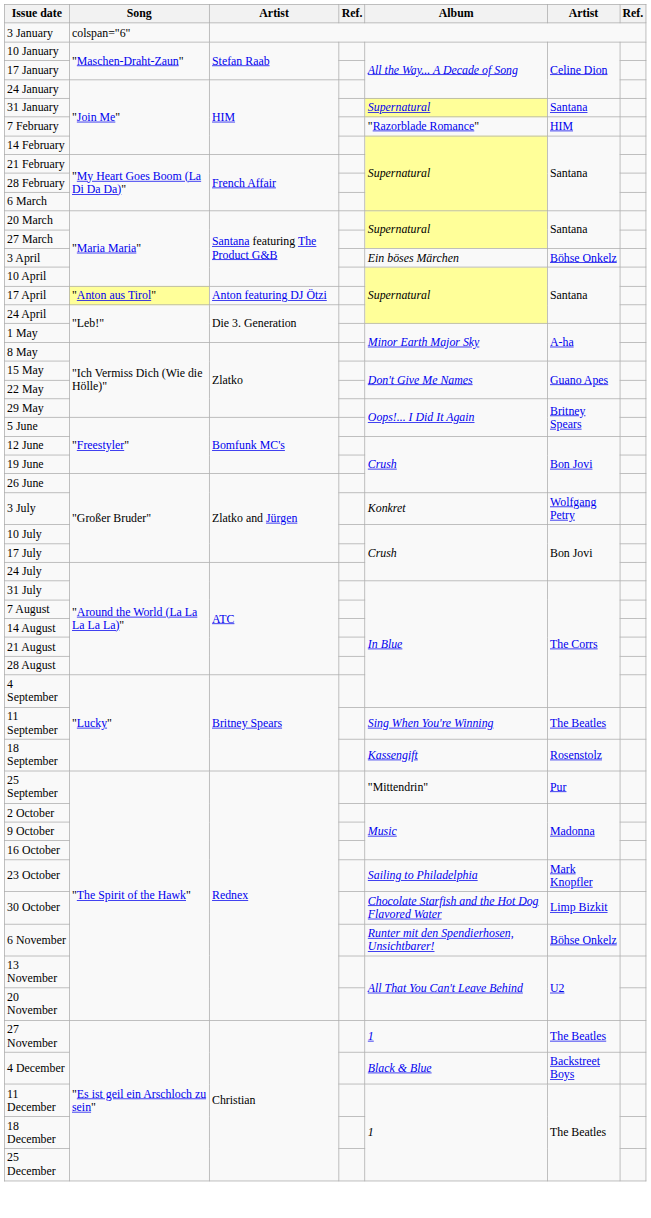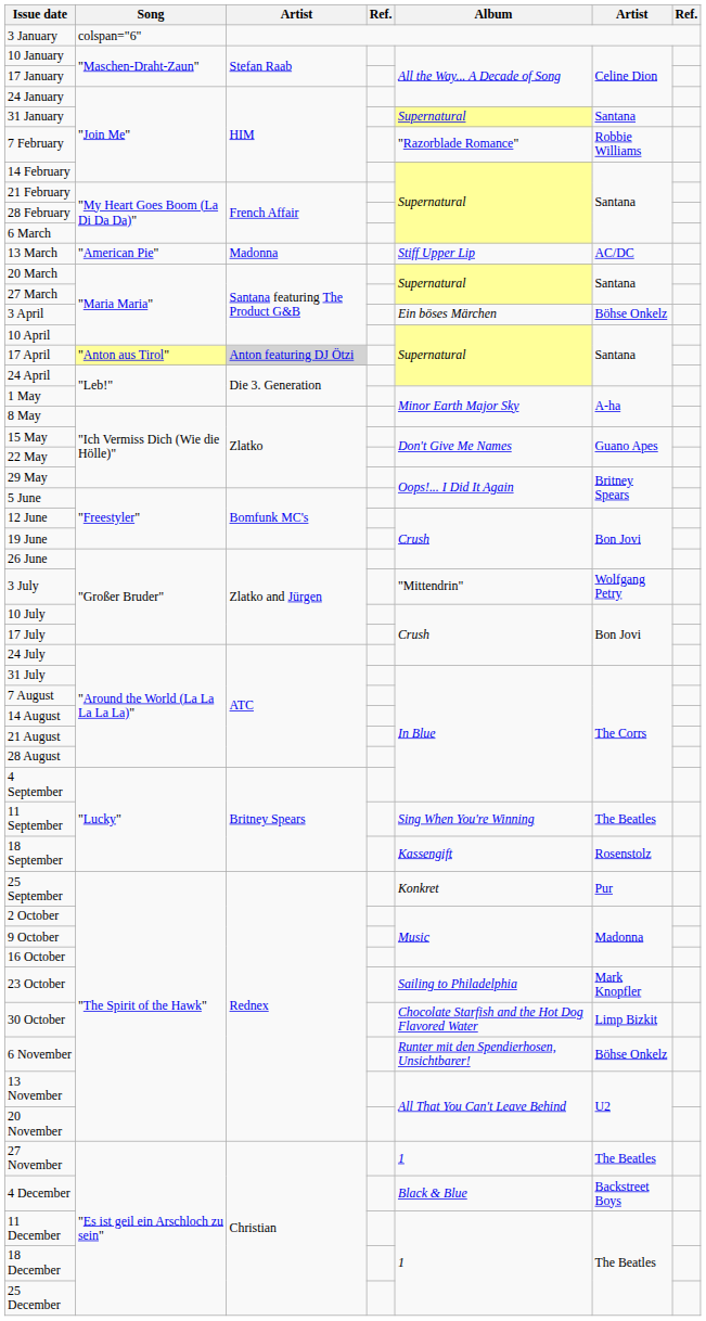 <table class="sortable wikitable">
 <tr>
 <th>Issue date</th>
 <th>Song</th>
 <th>Artist</th>
 <th>Ref.</th>
 <th>Album</th>
 <th>Artist</th>
 <th>Ref.</th>
 </tr>
 <tr>
 <td>3 January</td>
 <td>colspan="6" </td>
 </tr>
 <tr>
 <td>10 January</td>
 <td rowspan="2">"<a href='#'>Maschen-Draht-Zaun</a>"</td>
 <td rowspan="2"><a href='#'>Stefan Raab</a></td>
 <td align="center"></td>
 <td rowspan="3"><em><a href='#'>All the Way... A Decade of Song</a></em></td>
 <td rowspan="3"><a href='#'>Celine Dion</a></td>
 <td align="center"></td>
 </tr>
 <tr>
 <td>17 January</td>
 <td align="center"></td>
 <td align="center"></td>
 </tr>
 <tr>
 <td>24 January</td>
 <td rowspan="4">"<a href='#'>Join Me</a>"</td>
 <td rowspan="4"><a href='#'>HIM</a></td>
 <td align="center"></td>
 <td align="center"></td>
 </tr>
 <tr>
 <td>31 January</td>
 <td align="center"></td>
 <td bgcolor=#FFFF99><em><a href='#'>Supernatural</a></em> </td>
 <td><a href='#'>Santana</a></td>
 <td align="center"></td>
 </tr>
 <tr>
 <td>7 February</td>
 <td align="center"></td>
 <td>"<a href='#'>Razorblade Romance</a>"</td>
-<td><a href='#'>HIM</a></td>
+<td><a href='#'>Robbie Williams</a></td>
 <td align="center"></td>
 </tr>
 <tr>
 <td>14 February</td>
 <td align="center"></td>
 <td bgcolor=#FFFF99 rowspan="4"><em>Supernatural</em> </td>
 <td rowspan="4">Santana</td>
 <td align="center"></td>
 </tr>
 <tr>
 <td>21 February</td>
 <td rowspan="3">"<a href='#'>My Heart Goes Boom (La Di Da Da)</a>"</td>
 <td rowspan="3"><a href='#'>French Affair</a></td>
 <td align="center"></td>
 <td align="center"></td>
 </tr>
 <tr>
 <td>28 February</td>
 <td align="center"></td>
 <td align="center"></td>
 </tr>
 <tr>
 <td>6 March</td>
 <td align="center"></td>
+<td align="center"></td>
+</tr>
+<tr>
+<td>13 March</td>
+<td>"<a href='#'>American Pie</a>"</td>
+<td><a href='#'>Madonna</a></td>
+<td align="center"></td>
+<td><em><a href='#'>Stiff Upper Lip</a></em></td>
+<td><a href='#'>AC/DC</a></td>
 <td align="center"></td>
 </tr>
 <tr>
 <td>20 March</td>
 <td rowspan="4">"<a href='#'>Maria Maria</a>"</td>
 <td rowspan="4"><a href='#'>Santana</a> featuring <a href='#'>The Product G&B</a></td>
 <td align="center"></td>
 <td bgcolor=#FFFF99 rowspan="2"><em>Supernatural</em> </td>
 <td rowspan="2">Santana</td>
 <td align="center"></td>
 </tr>
 <tr>
 <td>27 March</td>
 <td align="center"></td>
 <td align="center"></td>
 </tr>
 <tr>
 <td>3 April</td>
 <td align="center"></td>
 <td><em>Ein böses Märchen</em></td>
 <td><a href='#'>Böhse Onkelz</a></td>
 <td align="center"></td>
 </tr>
 <tr>
 <td>10 April</td>
 <td align="center"></td>
 <td bgcolor=#FFFF99 rowspan="3"><em>Supernatural</em> </td>
 <td rowspan="3">Santana</td>
 <td align="center"></td>
 </tr>
 <tr>
 <td>17 April</td>
 <td bgcolor=#FFFF99>"<a href='#'>Anton aus Tirol</a>" </td>
-<td><a href='#'>Anton featuring DJ Ötzi</a></td>
+<td style="background: lightgrey;"><a href='#'>Anton featuring DJ Ötzi</a></td>
 <td align="center"></td>
 <td align="center"></td>
 </tr>
 <tr>
 <td>24 April</td>
 <td rowspan="2">"Leb!"</td>
 <td rowspan="2">Die 3. Generation</td>
 <td align="center"></td>
 <td align="center"></td>
 </tr>
 <tr>
 <td>1 May</td>
 <td align="center"></td>
 <td rowspan="2"><em><a href='#'>Minor Earth Major Sky</a></em></td>
 <td rowspan="2"><a href='#'>A-ha</a></td>
 <td align="center"></td>
 </tr>
 <tr>
 <td>8 May</td>
 <td rowspan="4">"Ich Vermiss Dich (Wie die Hölle)"</td>
 <td rowspan="4">Zlatko</td>
 <td align="center"></td>
 <td align="center"></td>
 </tr>
 <tr>
 <td>15 May</td>
 <td align="center"></td>
 <td rowspan="2"><em><a href='#'>Don't Give Me Names</a></em></td>
 <td rowspan="2"><a href='#'>Guano Apes</a></td>
 <td align="center"></td>
 </tr>
 <tr>
 <td>22 May</td>
 <td align="center"></td>
 <td align="center"></td>
 </tr>
 <tr>
 <td>29 May</td>
 <td align="center"></td>
 <td rowspan="2"><em><a href='#'>Oops!... I Did It Again</a></em></td>
 <td rowspan="2"><a href='#'>Britney Spears</a></td>
 <td align="center"></td>
 </tr>
 <tr>
 <td>5 June</td>
 <td rowspan="3">"<a href='#'>Freestyler</a>"</td>
 <td rowspan="3"><a href='#'>Bomfunk MC's</a></td>
 <td align="center"></td>
 <td align="center"></td>
 </tr>
 <tr>
 <td>12 June</td>
 <td align="center"></td>
 <td rowspan="3"><em><a href='#'>Crush</a></em></td>
 <td rowspan="3"><a href='#'>Bon Jovi</a></td>
 <td align="center"></td>
 </tr>
 <tr>
 <td>19 June</td>
 <td align="center"></td>
 <td align="center"></td>
 </tr>
 <tr>
 <td>26 June</td>
 <td rowspan="4">"Großer Bruder"</td>
 <td rowspan="4">Zlatko and <a href='#'>Jürgen</a></td>
 <td align="center"></td>
 <td align="center"></td>
 </tr>
 <tr>
 <td>3 July</td>
 <td align="center"></td>
-<td><em>Konkret</em></td>
+<td>"Mittendrin"</td>
 <td><a href='#'>Wolfgang Petry</a></td>
 <td align="center"></td>
 </tr>
 <tr>
 <td>10 July</td>
 <td align="center"></td>
 <td rowspan="3"><em>Crush</em></td>
 <td rowspan="3">Bon Jovi</td>
 <td align="center"></td>
 </tr>
 <tr>
 <td>17 July</td>
 <td align="center"></td>
 <td align="center"></td>
 </tr>
 <tr>
 <td>24 July</td>
 <td rowspan="6">"<a href='#'>Around the World (La La La La La)</a>"</td>
 <td rowspan="6"><a href='#'>ATC</a></td>
 <td align="center"></td>
 <td align="center"></td>
 </tr>
 <tr>
 <td>31 July</td>
 <td align="center"></td>
 <td rowspan="6"><em><a href='#'>In Blue</a></em></td>
 <td rowspan="6"><a href='#'>The Corrs</a></td>
 <td align="center"></td>
 </tr>
 <tr>
 <td>7 August</td>
 <td align="center"></td>
 <td align="center"></td>
 </tr>
 <tr>
 <td>14 August</td>
 <td align="center"></td>
 <td align="center"></td>
 </tr>
 <tr>
 <td>21 August</td>
 <td align="center"></td>
 <td align="center"></td>
 </tr>
 <tr>
 <td>28 August</td>
 <td align="center"></td>
 <td align="center"></td>
 </tr>
 <tr>
 <td>4 September</td>
 <td rowspan="3">"<a href='#'>Lucky</a>"</td>
 <td rowspan="3"><a href='#'>Britney Spears</a></td>
 <td align="center"></td>
 <td align="center"></td>
 </tr>
 <tr>
 <td>11 September</td>
 <td align="center"></td>
 <td><em><a href='#'>Sing When You're Winning</a></em></td>
 <td><a href='#'>The Beatles</a></td>
 <td align="center"></td>
 </tr>
 <tr>
 <td>18 September</td>
 <td align="center"></td>
 <td><em><a href='#'>Kassengift</a></em></td>
 <td><a href='#'>Rosenstolz</a></td>
 <td align="center"></td>
 </tr>
 <tr>
 <td>25 September</td>
 <td rowspan="9">"<a href='#'>The Spirit of the Hawk</a>"</td>
 <td rowspan="9"><a href='#'>Rednex</a></td>
 <td align="center"></td>
-<td>"Mittendrin"</td>
+<td><em>Konkret</em></td>
 <td><a href='#'>Pur</a></td>
 <td align="center"></td>
 </tr>
 <tr>
 <td>2 October</td>
 <td align="center"></td>
 <td rowspan="3"><em><a href='#'>Music</a></em></td>
 <td rowspan="3"><a href='#'>Madonna</a></td>
 <td align="center"></td>
 </tr>
 <tr>
 <td>9 October</td>
 <td align="center"></td>
 <td align="center"></td>
 </tr>
 <tr>
 <td>16 October</td>
 <td align="center"></td>
 <td align="center"></td>
 </tr>
 <tr>
 <td>23 October</td>
 <td align="center"></td>
 <td><em><a href='#'>Sailing to Philadelphia</a></em></td>
 <td><a href='#'>Mark Knopfler</a></td>
 <td align="center"></td>
 </tr>
 <tr>
 <td>30 October</td>
 <td align="center"></td>
 <td><em><a href='#'>Chocolate Starfish and the Hot Dog Flavored Water</a></em></td>
 <td><a href='#'>Limp Bizkit</a></td>
 <td align="center"></td>
 </tr>
 <tr>
 <td>6 November</td>
 <td align="center"></td>
 <td><em><a href='#'>Runter mit den Spendierhosen, Unsichtbarer!</a></em></td>
 <td><a href='#'>Böhse Onkelz</a></td>
 <td align="center"></td>
 </tr>
 <tr>
 <td>13 November</td>
 <td align="center"></td>
 <td rowspan="2"><em><a href='#'>All That You Can't Leave Behind</a></em></td>
 <td rowspan="2"><a href='#'>U2</a></td>
 <td align="center"></td>
 </tr>
 <tr>
 <td>20 November</td>
 <td align="center"></td>
 <td align="center"></td>
 </tr>
 <tr>
 <td>27 November</td>
 <td rowspan="5">"<a href='#'>Es ist geil ein Arschloch zu sein</a>"</td>
 <td rowspan="5">Christian</td>
 <td align="center"></td>
 <td><em><a href='#'>1</a></em></td>
 <td><a href='#'>The Beatles</a></td>
 <td align="center"></td>
 </tr>
 <tr>
 <td>4 December</td>
 <td align="center"></td>
 <td><em><a href='#'>Black & Blue</a></em></td>
 <td><a href='#'>Backstreet Boys</a></td>
 <td align="center"></td>
 </tr>
 <tr>
 <td>11 December</td>
 <td align="center"></td>
 <td rowspan="3"><em>1</em></td>
 <td rowspan="3">The Beatles</td>
 <td align="center"></td>
 </tr>
 <tr>
 <td>18 December</td>
 <td align="center"></td>
 <td align="center"></td>
 </tr>
 <tr>
 <td>25 December</td>
 <td align="center"></td>
 <td align="center"></td>
 </tr>
 </table>
